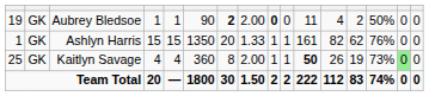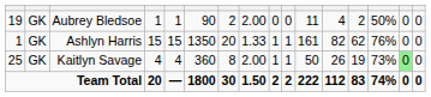 <table class="wikitable sortable" style="text-align:right;">
 <tr>
 <th></th>
 <th></th>
 <th></th>
 <th></th>
 <th></th>
 <th></th>
 <th></th>
 <th></th>
 <th></th>
 <th></th>
 <th></th>
 <th></th>
 <th></th>
 <th></th>
 <th></th>
 <th></th>
 </tr>
 <tr>
 <td>19</td>
 <td>GK</td>
 <td>Aubrey Bledsoe</td>
 <td>1</td>
 <td>1</td>
 <td>90</td>
-<td><strong>2</strong></td>
+<td>2</td>
 <td>2.00</td>
-<td><strong>0</strong></td>
+<td>0</td>
 <td>0</td>
 <td>11</td>
 <td>4</td>
 <td>2</td>
 <td>50%</td>
 <td>0</td>
 <td>0</td>
 </tr>
 <tr>
 <td>1</td>
 <td>GK</td>
 <td>Ashlyn Harris</td>
 <td>15</td>
 <td>15</td>
 <td>1350</td>
 <td>20</td>
 <td>1.33</td>
 <td>1</td>
 <td>1</td>
 <td>161</td>
 <td>82</td>
 <td>62</td>
 <td>76%</td>
 <td>0</td>
 <td>0</td>
 </tr>
 <tr>
 <td>25</td>
 <td>GK</td>
 <td>Kaitlyn Savage</td>
 <td>4</td>
 <td>4</td>
 <td>360</td>
 <td>8</td>
 <td>2.00</td>
 <td>1</td>
 <td>1</td>
-<td><strong>50</strong></td>
+<td>50</td>
 <td>26</td>
 <td>19</td>
 <td>73%</td>
 <td style="background: lightgreen;">0</td>
 <td>0</td>
 </tr>
 <tr class=sortbottom style="font-weight:bold;">
 <td colspan=3>Team Total</td>
 <td>20</td>
 <td>—</td>
 <td>1800</td>
 <td>30</td>
 <td>1.50</td>
 <td>2</td>
 <td>2</td>
 <td>222</td>
 <td>112</td>
 <td>83</td>
 <td>74%</td>
 <td>0</td>
 <td>0</td>
 </tr>
 </table>
